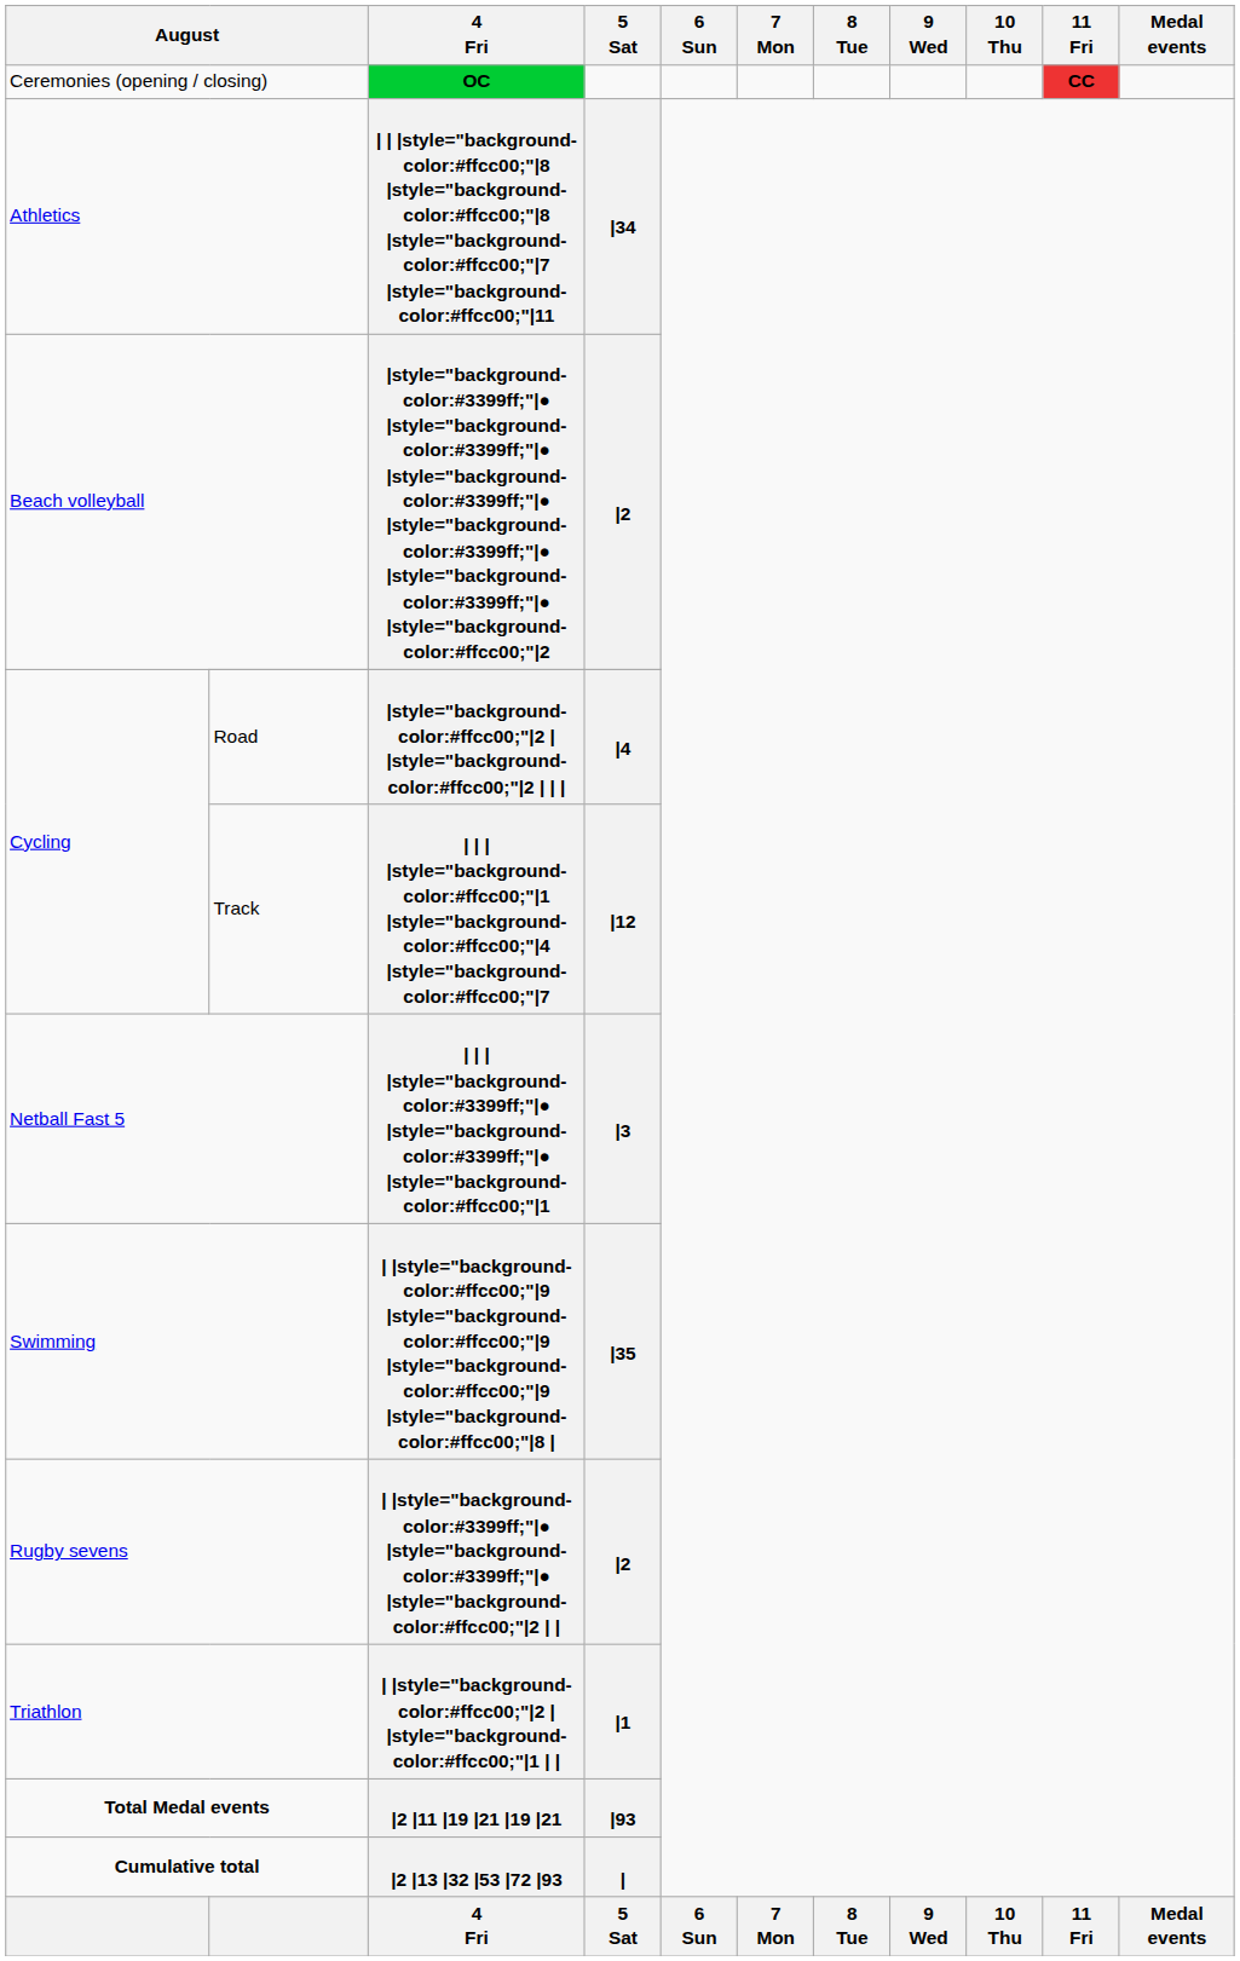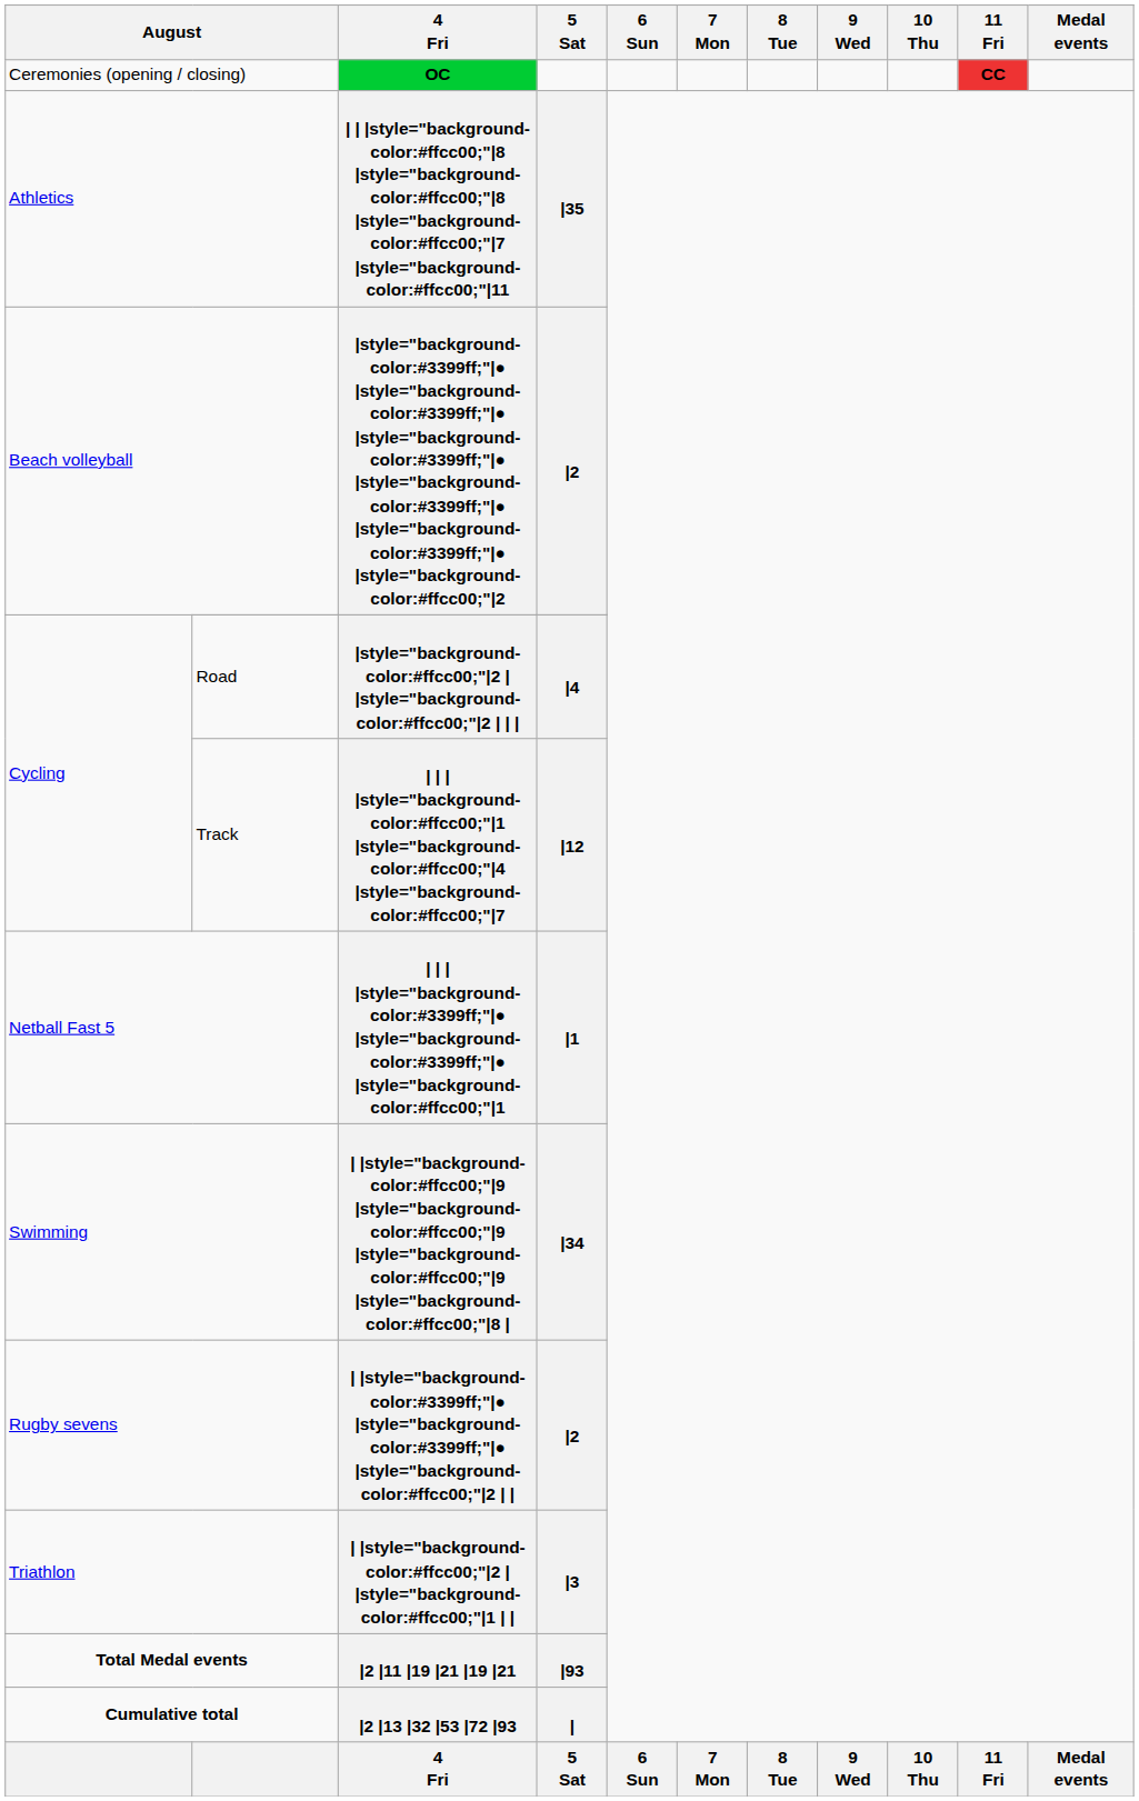 <table class="wikitable" style="margin:0.5em auto; font-size:90%; line-height:1.35em; width:60%;">
 <tr>
 <th style="width:19%;" colspan=2>August</th>
 <th style="width:4%;">4<br>Fri</th>
 <th style="width:4%;">5<br>Sat</th>
 <th style="width:4%;">6<br>Sun</th>
 <th style="width:4%;">7<br>Mon</th>
 <th style="width:4%;">8<br>Tue</th>
 <th style="width:4%;">9<br>Wed</th>
 <th style="width:4%;">10<br>Thu</th>
 <th style="width:4%;">11<br>Fri</th>
 <th style="width:6%;">Medal events</th>
 </tr>
 <tr>
 <td style="text-align:left;" colspan=2>Ceremonies (opening / closing)</td>
 <td style="background-color:#00cc33;text-align:center;"><strong>OC</strong></td>
 <td></td>
 <td></td>
 <td></td>
 <td></td>
 <td></td>
 <td></td>
 <td style="background-color:#ee3333;text-align:center;"><strong>CC</strong></td>
 <td></td>
 </tr>
 <tr style="text-align:center;">
 <td style="text-align:left;" colspan=2> <a href='#'>Athletics</a></td>
 <th><br>| | |style="background-color:#ffcc00;"|<strong>8</strong>  |style="background-color:#ffcc00;"|<strong>8</strong>  |style="background-color:#ffcc00;"|<strong>7</strong>  |style="background-color:#ffcc00;"|<strong>11</strong></th>
-<th><br>|<strong>34</strong></th>
+<th><br>|<strong>35</strong></th>
 </tr>
 <tr style="text-align:center;">
 <td style="text-align:left;" colspan=2> <a href='#'>Beach volleyball</a></td>
 <th><br>|style="background-color:#3399ff;"|●  |style="background-color:#3399ff;"|●  |style="background-color:#3399ff;"|●  |style="background-color:#3399ff;"|● |style="background-color:#3399ff;"|●  |style="background-color:#ffcc00;"|<strong>2</strong></th>
 <th><br>|<strong>2</strong></th>
 </tr>
 <tr style="text-align:center;">
 <td align=left rowspan=3><a href='#'>Cycling</a></td>
 </tr>
 <tr style="text-align:center;">
 <td style="text-align:left;"> Road</td>
 <th><br>|style="background-color:#ffcc00;"|<strong>2</strong>  | |style="background-color:#ffcc00;"|<strong>2</strong>  | | |</th>
 <th><br>|<strong>4</strong></th>
 </tr>
 <tr style="text-align:center;">
 <td style="text-align:left;"> Track</td>
 <th><br>| | | |style="background-color:#ffcc00;"|<strong>1</strong>  |style="background-color:#ffcc00;"|<strong>4</strong>  |style="background-color:#ffcc00;"|<strong>7</strong></th>
 <th><br>|<strong>12</strong></th>
 </tr>
 <tr style="text-align:center;">
 <td style="text-align:left;" colspan=2> <a href='#'>Netball Fast 5</a></td>
 <th><br>| | | |style="background-color:#3399ff;"|●  |style="background-color:#3399ff;"|●  |style="background-color:#ffcc00;"|<strong>1</strong></th>
-<th><br>|<strong>3</strong></th>
+<th><br>|<strong>1</strong></th>
 </tr>
 <tr style="text-align:center;">
 <td style="text-align:left;"colspan=2> <a href='#'>Swimming</a></td>
 <th><br>| |style="background-color:#ffcc00;"|<strong>9</strong>  |style="background-color:#ffcc00;"|<strong>9</strong>  |style="background-color:#ffcc00;"|<strong>9</strong>  |style="background-color:#ffcc00;"|<strong>8</strong>  |</th>
-<th><br>|<strong>35</strong></th>
+<th><br>|<strong>34</strong></th>
 </tr>
 <tr style="text-align:center;">
 <td style="text-align:left;" colspan=2> <a href='#'>Rugby sevens</a></td>
 <th><br>| |style="background-color:#3399ff;"|●  |style="background-color:#3399ff;"|●  |style="background-color:#ffcc00;"|<strong>2</strong>  | |</th>
 <th><br>|<strong>2</strong></th>
 </tr>
 <tr style="text-align:center;">
 <td style="text-align:left;" colspan=2> <a href='#'>Triathlon</a></td>
 <th><br>| |style="background-color:#ffcc00;"|<strong>2</strong>  | |style="background-color:#ffcc00;"|<strong>1</strong>  | |</th>
-<th><br>|<strong>1</strong></th>
+<th><br>|<strong>3</strong></th>
 </tr>
 <tr style="text-align:center;">
 <td colspan=2><strong>Total Medal events</strong></td>
 <th><br>|<strong>2</strong>  |<strong>11</strong> |<strong>19</strong>  |<strong>21</strong> |<strong>19</strong> |<strong>21</strong></th>
 <th><br>|<strong>93</strong></th>
 </tr>
 <tr style="text-align:center;">
 <td colspan=2><strong>Cumulative total</strong></td>
 <th><br>|<strong>2</strong> |<strong>13</strong> |<strong>32</strong> |<strong>53</strong> |<strong>72</strong> |<strong>93</strong></th>
 <th><br>|</th>
 </tr>
 <tr>
 <th></th>
 <th></th>
 <th>4<br>Fri</th>
 <th>5<br>Sat</th>
 <th>6<br>Sun</th>
 <th>7<br>Mon</th>
 <th>8<br>Tue</th>
 <th>9<br>Wed</th>
 <th>10<br>Thu</th>
 <th>11<br>Fri</th>
 <th>Medal events</th>
 </tr>
 </table>
